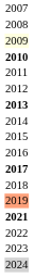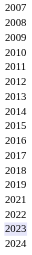 <table>
 <tr>
 <td>2007</td>
 <td></td>
 <td></td>
 <td></td>
 </tr>
 <tr>
 <td>2008</td>
 <td></td>
 <td></td>
 <td></td>
 </tr>
 <tr>
-<td style="background: lightyellow;">2009</td>
+<td>2009</td>
 <td></td>
 <td></td>
 <td></td>
 </tr>
 <tr>
-<td><strong>2010</strong></td>
+<td>2010</td>
 <td></td>
 <td></td>
 <td></td>
 </tr>
 <tr>
 <td>2011</td>
 <td></td>
 <td></td>
 <td></td>
 </tr>
 <tr>
 <td>2012</td>
 <td></td>
 <td></td>
 <td></td>
 </tr>
 <tr>
-<td><strong>2013</strong></td>
+<td>2013</td>
 <td></td>
 <td></td>
 <td></td>
 </tr>
 <tr>
 <td>2014</td>
 <td></td>
 <td></td>
 <td></td>
 </tr>
 <tr>
 <td>2015</td>
 <td></td>
 <td></td>
 <td></td>
 </tr>
 <tr>
 <td>2016</td>
 <td></td>
 <td></td>
 <td></td>
 </tr>
 <tr>
-<td><strong>2017</strong></td>
+<td>2017</td>
 <td></td>
 <td></td>
 <td></td>
 </tr>
 <tr>
 <td>2018</td>
 <td></td>
 <td></td>
 <td></td>
 </tr>
 <tr>
-<td style="background: lightsalmon;">2019</td>
+<td>2019</td>
 <td></td>
 <td></td>
 <td></td>
 </tr>
 <tr>
-<td><strong>2021</strong></td>
+<td>2021</td>
 <td></td>
 <td></td>
 <td></td>
 </tr>
 <tr>
 <td>2022</td>
 <td></td>
 <td></td>
 <td></td>
 </tr>
 <tr>
-<td>2023</td>
+<td style="background: lavender;">2023</td>
 <td></td>
 <td></td>
 <td></td>
 <td></td>
 </tr>
 <tr>
-<td style="background: lightgrey;">2024</td>
+<td>2024</td>
 <td></td>
 <td></td>
 <td></td>
 </tr>
 </table>
